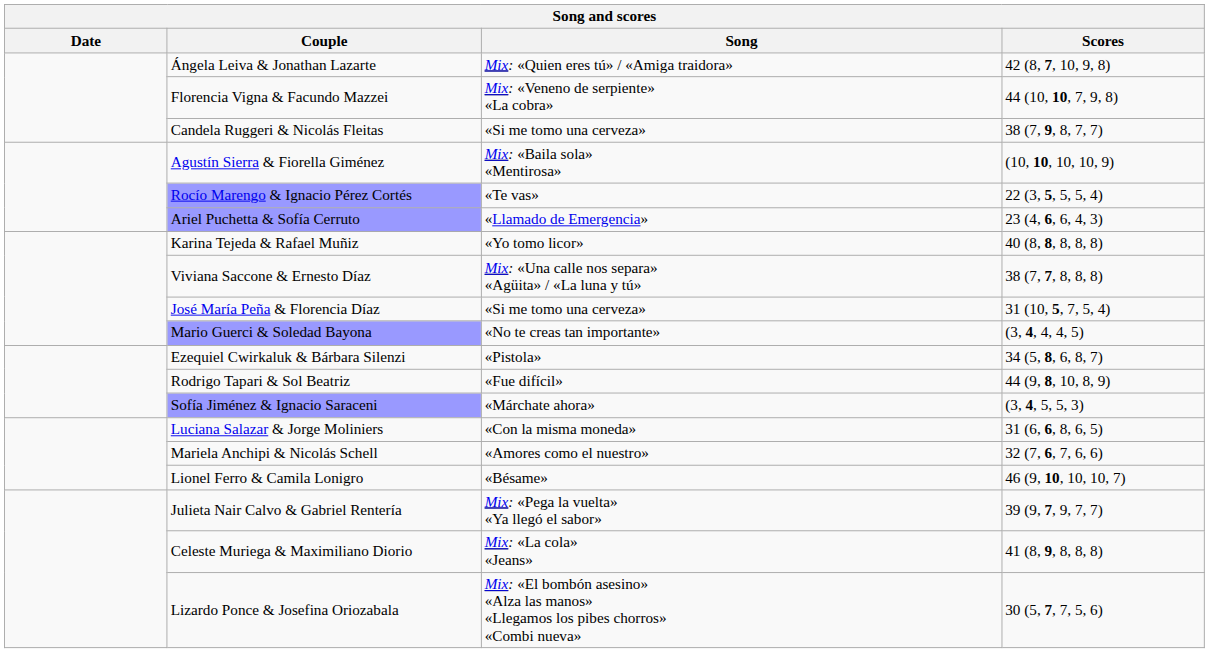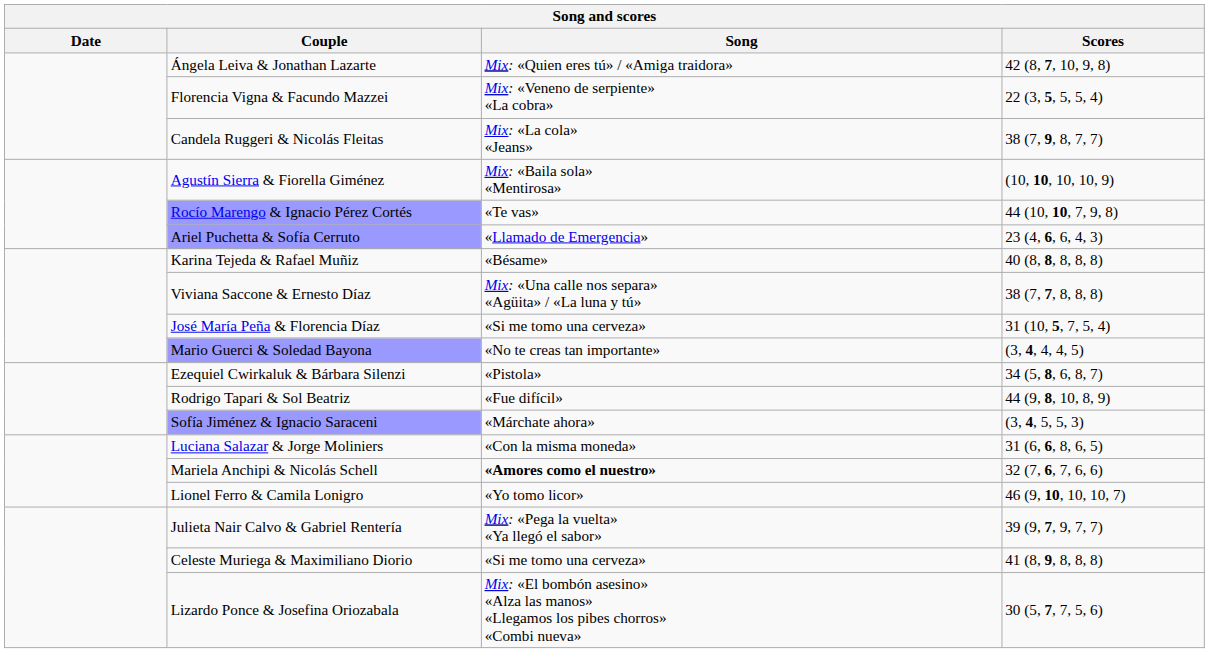 <table class="wikitable collapsible collapsed" style="text-align: align; width: 100%;">
 <tr>
 <th colspan="11" style="with: 100%;" align="center">Song and scores</th>
 </tr>
 <tr>
 <th width=95>Date</th>
 <th width=190>Couple</th>
 <th width=320>Song</th>
 <th width=120>Scores</th>
 </tr>
 <tr>
 <td rowspan="3"></td>
 <td>Ángela Leiva & Jonathan Lazarte</td>
 <td><em><u><a href='#'>Mix</a></u>:</em> «Quien eres tú» / «Amiga traidora» </td>
 <td>42 (8, <strong>7</strong>, 10, 9, 8)</td>
 </tr>
 <tr>
 <td>Florencia Vigna & Facundo Mazzei</td>
 <td><em><u><a href='#'>Mix</a></u>:</em> «Veneno de serpiente» <br>«La cobra» </td>
-<td>44 (10, <strong>10</strong>, 7, 9, 8)</td>
+<td>22 (3, <strong>5</strong>, 5, 5, 4)</td>
 </tr>
 <tr>
 <td>Candela Ruggeri & Nicolás Fleitas</td>
-<td>«Si me tomo una cerveza» </td>
+<td><em><u><a href='#'>Mix</a></u>:</em> «La cola» <br>«Jeans» </td>
 <td>38 (7, <strong>9</strong>, 8, 7, 7)</td>
 </tr>
 <tr>
 <td rowspan="3"></td>
 <td><a href='#'>Agustín Sierra</a> & Fiorella Giménez</td>
 <td><em><u><a href='#'>Mix</a></u>:</em> «Baila sola» <br>«Mentirosa» </td>
 <td> (10, <strong>10</strong>, 10, 10, 9)</td>
 </tr>
 <tr>
 <td bgcolor="#9999FF"><a href='#'>Rocío Marengo</a> & Ignacio Pérez Cortés</td>
 <td>«Te vas» </td>
-<td>22 (3, <strong>5</strong>, 5, 5, 4)</td>
+<td>44 (10, <strong>10</strong>, 7, 9, 8)</td>
 </tr>
 <tr>
 <td bgcolor="#9999FF">Ariel Puchetta & Sofía Cerruto</td>
 <td>«<a href='#'>Llamado de Emergencia</a>» </td>
 <td>23 (4, <strong>6</strong>, 6, 4, 3)</td>
 </tr>
 <tr>
 <td rowspan="4"></td>
 <td>Karina Tejeda & Rafael Muñiz</td>
-<td>«Yo tomo licor» </td>
+<td>«Bésame» </td>
 <td>40 (8, <strong>8</strong>, 8, 8, 8)</td>
 </tr>
 <tr>
 <td>Viviana Saccone & Ernesto Díaz</td>
 <td><em><u><a href='#'>Mix</a></u>:</em> «Una calle nos separa» <br>«Agüita» / «La luna y tú» </td>
 <td>38 (7, <strong>7</strong>, 8, 8, 8)</td>
 </tr>
 <tr>
 <td><a href='#'>José María Peña</a> & Florencia Díaz</td>
 <td>«Si me tomo una cerveza» </td>
 <td>31 (10, <strong>5</strong>, 7, 5, 4)</td>
 </tr>
 <tr>
 <td bgcolor="#9999FF">Mario Guerci & Soledad Bayona</td>
 <td>«No te creas tan importante» </td>
 <td> (3, <strong>4</strong>, 4, 4, 5)</td>
 </tr>
 <tr>
 <td rowspan="3"></td>
 <td>Ezequiel Cwirkaluk & Bárbara Silenzi</td>
 <td>«Pistola» </td>
 <td>34 (5, <strong>8</strong>, 6, 8, 7)</td>
 </tr>
 <tr>
 <td>Rodrigo Tapari & Sol Beatriz</td>
 <td>«Fue difícil» </td>
 <td>44 (9, <strong>8</strong>, 10, 8, 9)</td>
 </tr>
 <tr>
 <td bgcolor="#9999FF">Sofía Jiménez & Ignacio Saraceni</td>
 <td>«Márchate ahora» </td>
 <td> (3, <strong>4</strong>, 5, 5, 3)</td>
 </tr>
 <tr>
 <td rowspan="3"></td>
 <td><a href='#'>Luciana Salazar</a> & Jorge Moliniers</td>
 <td>«Con la misma moneda» </td>
 <td>31 (6, <strong>6</strong>, 8, 6, 5)</td>
 </tr>
 <tr>
 <td>Mariela Anchipi & Nicolás Schell</td>
-<td>«Amores como el nuestro» </td>
+<td><strong>«Amores como el nuestro» </strong></td>
 <td>32 (7, <strong>6</strong>, 7, 6, 6)</td>
 </tr>
 <tr>
 <td>Lionel Ferro & Camila Lonigro</td>
-<td>«Bésame» </td>
+<td>«Yo tomo licor» </td>
 <td>46 (9, <strong>10</strong>, 10, 10, 7)</td>
 </tr>
 <tr>
 <td rowspan="3"></td>
 <td>Julieta Nair Calvo & Gabriel Rentería</td>
 <td><em><u><a href='#'>Mix</a></u>:</em> «Pega la vuelta» <br>«Ya llegó el sabor» </td>
 <td>39 (9, <strong>7</strong>, 9, 7, 7)</td>
 </tr>
 <tr>
 <td>Celeste Muriega & Maximiliano Diorio</td>
-<td><em><u><a href='#'>Mix</a></u>:</em> «La cola» <br>«Jeans» </td>
+<td>«Si me tomo una cerveza» </td>
 <td>41 (8, <strong>9</strong>, 8, 8, 8)</td>
 </tr>
 <tr>
 <td>Lizardo Ponce & Josefina Oriozabala</td>
 <td><em><u><a href='#'>Mix</a></u>:</em> «El bombón asesino» <br>«Alza las manos» <br>«Llegamos los pibes chorros» <br>«Combi nueva» </td>
 <td>30 (5, <strong>7</strong>, 7, 5, 6)</td>
 </tr>
 </table>
